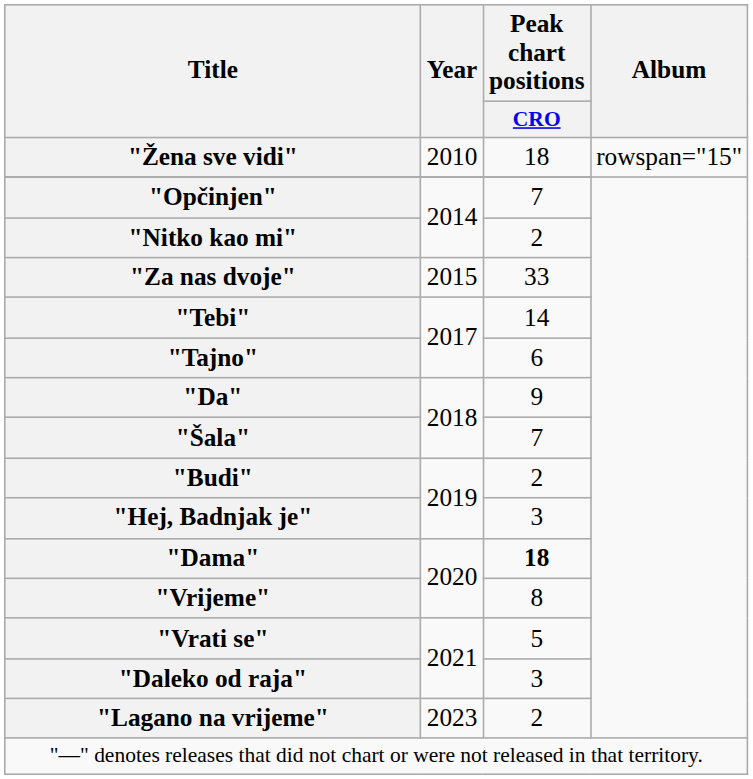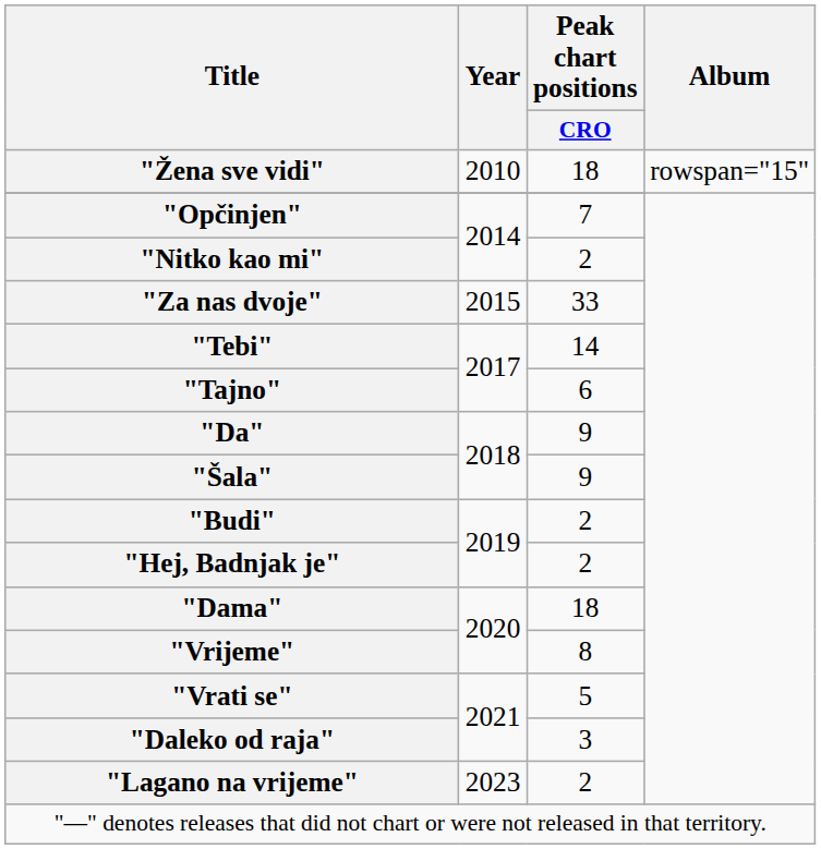 <table class="wikitable plainrowheaders" style="text-align:center;">
 <tr>
 <th scope="col" rowspan="2" style="width:16em;">Title</th>
 <th scope="col" rowspan="2" style="width:1em;">Year</th>
 <th scope="col" colspan="1">Peak chart positions</th>
 <th scope="col" rowspan="2">Album</th>
 </tr>
 <tr>
 <th scope="col" style="width:3em;font-size:85%;"><a href='#'>CRO</a><br></th>
 </tr>
 <tr>
 <th scope="row">"Žena sve vidi"</th>
 <td>2010</td>
 <td>18</td>
 <td>rowspan="15" </td>
 </tr>
 <tr>
 </tr>
 <tr>
 <th scope="row">"Opčinjen"</th>
 <td rowspan="2">2014</td>
 <td>7</td>
 </tr>
 <tr>
 <th scope="row">"Nitko kao mi"</th>
 <td>2</td>
 </tr>
 <tr>
 <th scope="row">"Za nas dvoje"</th>
 <td>2015</td>
 <td>33</td>
 </tr>
 <tr>
 <th scope="row">"Tebi"</th>
 <td rowspan="2">2017</td>
 <td>14</td>
 </tr>
 <tr>
 <th scope="row">"Tajno"</th>
 <td>6</td>
 </tr>
 <tr>
 <th scope="row">"Da"</th>
 <td rowspan="2">2018</td>
 <td>9</td>
 </tr>
 <tr>
 <th scope="row">"Šala"</th>
-<td>7</td>
+<td>9</td>
 </tr>
 <tr>
 <th scope="row">"Budi"</th>
 <td rowspan="2">2019</td>
 <td>2</td>
 </tr>
 <tr>
 <th scope="row">"Hej, Badnjak je"</th>
-<td>3</td>
+<td>2</td>
 </tr>
 <tr>
 <th scope="row">"Dama"</th>
 <td rowspan="2">2020</td>
-<td><strong>18</strong></td>
+<td>18</td>
 </tr>
 <tr>
 <th scope="row">"Vrijeme"</th>
 <td>8</td>
 </tr>
 <tr>
 <th scope="row">"Vrati se"</th>
 <td rowspan="2">2021</td>
 <td>5</td>
 </tr>
 <tr>
 <th scope="row">"Daleko od raja"</th>
 <td>3</td>
 </tr>
 <tr>
 <th scope="row">"Lagano na vrijeme"</th>
 <td rowspan="1">2023</td>
 <td>2</td>
 </tr>
 <tr>
 <td colspan="22" style="text-align:center; font-size:85%;">"—" denotes releases that did not chart or were not released in that territory.</td>
 </tr>
 </table>
